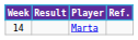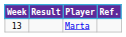 <table class="wikitable" style="text-align:center;">
 <tr>
 <th style="background:#5E299A; color:white; border:2px solid #3aadd9;">Week</th>
 <th style="background:#5E299A; color:white; border:2px solid #3aadd9;">Result</th>
 <th style="background:#5E299A; color:white; border:2px solid #3aadd9;">Player</th>
 <th style="background:#5E299A; color:white; border:2px solid #3aadd9;">Ref.</th>
 </tr>
 <tr>
-<td>14</td>
+<td>13</td>
 <td></td>
 <td align="left"> <a href='#'>Marta</a></td>
 <td></td>
 </tr>
 </table>
